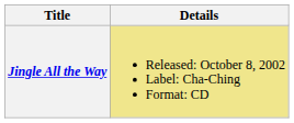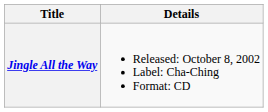 <table class="wikitable plainrowheaders">
 <tr>
 <th>Title</th>
 <th>Details</th>
 </tr>
 <tr>
 <th scope="row"><em><a href='#'>Jingle All the Way</a></em></th>
-<td style="background: khaki;"><br><ul><li>Released: October 8, 2002</li><li>Label: Cha-Ching</li><li>Format: CD</li></ul></td>
+<td><br><ul><li>Released: October 8, 2002</li><li>Label: Cha-Ching</li><li>Format: CD</li></ul></td>
 </tr>
 </table>
